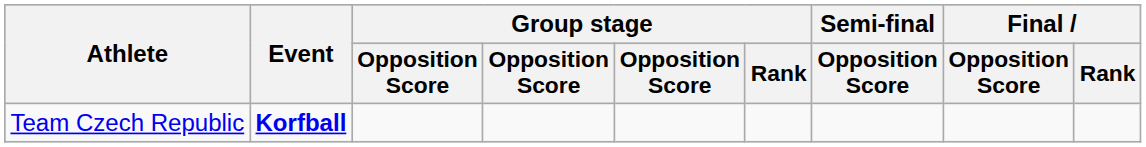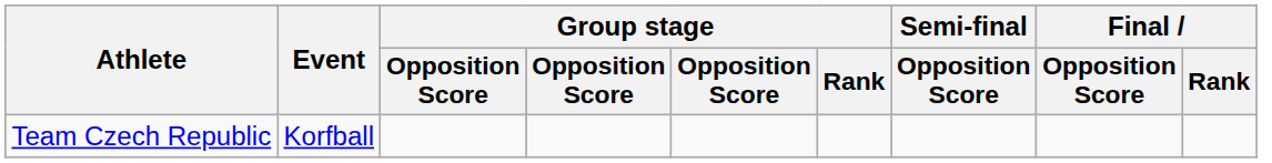 <table class="wikitable" style="font-size:90%">
 <tr>
 <th rowspan=2>Athlete</th>
 <th rowspan=2>Event</th>
 <th colspan=4>Group stage</th>
 <th>Semi-final</th>
 <th colspan=2>Final / </th>
 </tr>
 <tr style="font-size:95%">
 <th>Opposition<br>Score</th>
 <th>Opposition<br>Score</th>
 <th>Opposition<br>Score</th>
 <th>Rank</th>
 <th>Opposition<br>Score</th>
 <th>Opposition<br>Score</th>
 <th>Rank</th>
 </tr>
 <tr align=center>
 <td align=left><a href='#'>Team Czech Republic</a></td>
-<td align=left><strong><a href='#'>Korfball</a></strong></td>
+<td align=left><a href='#'>Korfball</a></td>
 <td></td>
 <td></td>
 <td></td>
 <td></td>
 <td></td>
 <td></td>
 <td></td>
 </tr>
 </table>
